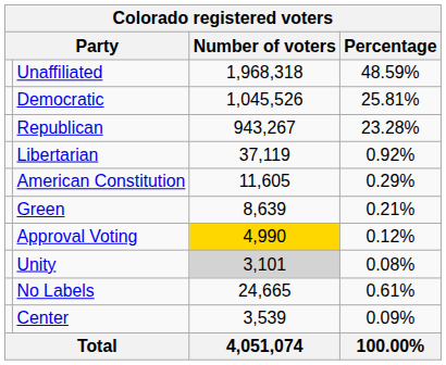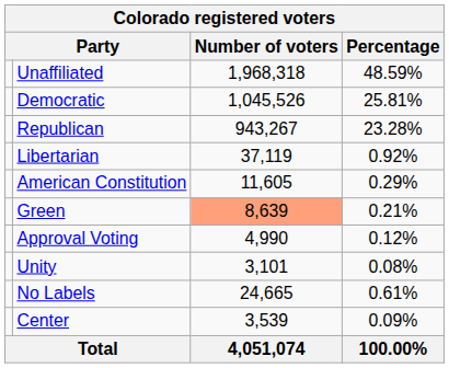 <table class="wikitable floatright">
 <tr>
 <th colspan="6">Colorado registered voters </th>
 </tr>
 <tr>
 <th colspan="2">Party</th>
 <th>Number of voters</th>
 <th>Percentage</th>
 </tr>
 <tr>
 <td></td>
 <td><a href='#'>Unaffiliated</a></td>
 <td style="text-align:center;">1,968,318</td>
 <td style="text-align:center;">48.59%</td>
 </tr>
 <tr>
 <td></td>
 <td><a href='#'>Democratic</a></td>
 <td style="text-align:center;">1,045,526</td>
 <td style="text-align:center;">25.81%</td>
 </tr>
 <tr>
 <td></td>
 <td><a href='#'>Republican</a></td>
 <td style="text-align:center;">943,267</td>
 <td style="text-align:center;">23.28%</td>
 </tr>
 <tr>
 <td></td>
 <td><a href='#'>Libertarian</a></td>
 <td style="text-align:center;">37,119</td>
 <td style="text-align:center;">0.92%</td>
 </tr>
 <tr>
 <td></td>
 <td><a href='#'>American Constitution</a></td>
 <td style="text-align:center;">11,605</td>
 <td style="text-align:center;">0.29%</td>
 </tr>
 <tr>
 <td></td>
 <td><a href='#'>Green</a></td>
-<td style="text-align:center;">8,639</td>
+<td style="background: lightsalmon; text-align:center;">8,639</td>
 <td style="text-align:center;">0.21%</td>
 </tr>
 <tr>
 <td></td>
 <td><a href='#'>Approval Voting</a></td>
-<td style="background: gold; text-align:center;">4,990</td>
+<td style="text-align:center;">4,990</td>
 <td style="text-align:center;">0.12%</td>
 </tr>
 <tr>
 <td></td>
 <td><a href='#'>Unity</a></td>
-<td style="background: lightgrey; text-align:center;">3,101</td>
+<td style="text-align:center;">3,101</td>
 <td style="text-align:center;">0.08%</td>
 </tr>
 <tr>
 <td></td>
 <td><a href='#'>No Labels</a></td>
 <td style="text-align:center;">24,665</td>
 <td style="text-align:center;">0.61%</td>
 </tr>
 <tr>
 <td></td>
 <td><a href='#'>Center</a></td>
 <td style="text-align:center;">3,539</td>
 <td style="text-align:center;">0.09%</td>
 </tr>
 <tr>
 <th colspan="2">Total</th>
 <th style="text-align:center;">4,051,074</th>
 <th style="text-align:center;">100.00%</th>
 </tr>
 </table>
